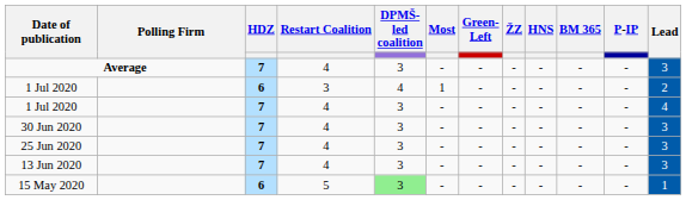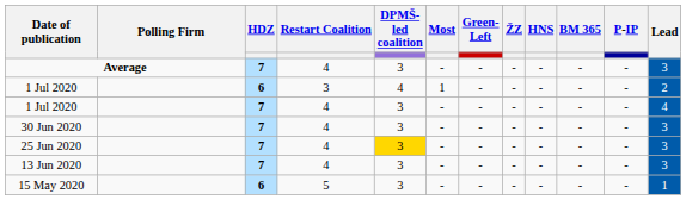 <table class="wikitable sortable" style="text-align:center; font-size:90%; line-height:16px;">
 <tr style="height:42px;">
 <th style="width:100px;" rowspan="2">Date of publication</th>
 <th style="width:165px;" rowspan="2">Polling Firm</th>
 <th class="unsortable"><a href='#'>HDZ</a></th>
 <th class="unsortable"><a href='#'>Restart Coalition</a></th>
 <th class="unsortable"><a href='#'>DPMŠ-led coalition</a></th>
 <th class="unsortable"><a href='#'>Most</a></th>
 <th class="unsortable"><a href='#'>Green-Left</a></th>
 <th class="unsortable"><a href='#'>ŽZ</a></th>
 <th class="unsortable"><a href='#'>HNS</a></th>
 <th class="unsortable"><a href='#'>BM 365</a></th>
 <th class="unsortable"><a href='#'>P</a>-<a href='#'>IP</a></th>
 <th class="unsortable" style="width:20px;" rowspan="2">Lead</th>
 </tr>
 <tr>
 <th class="unsortable" style="color:inherit;background:"></th>
 <th class="unsortable" style="color:inherit;background:"></th>
 <th class="unsortable" style="color:inherit;background:#9370db; width:45px;"></th>
 <th class="unsortable" style="color:inherit;background:"></th>
 <th class="unsortable" style="background:#cc0000" width="45px"></th>
 <th class="unsortable" style="color:inherit;background:"></th>
 <th class="unsortable" style="color:inherit;background:"></th>
 <th class="unsortable" style="color:inherit;background:"></th>
 <th class="unsortable" style="color:inherit;background:#00009a; width:45px;"></th>
 </tr>
 <tr>
 <td colspan="2"><strong>Average</strong></td>
 <td style="background:#B3E0FF"><strong>7</strong></td>
 <td>4</td>
 <td>3</td>
 <td>-</td>
 <td>-</td>
 <td>-</td>
 <td>-</td>
 <td>-</td>
 <td>-</td>
 <td style="background:#005BAA; color:white;">3</td>
 </tr>
 <tr>
 <td>1 Jul 2020</td>
 <td></td>
 <td style="background:#B3E0FF"><strong>6</strong></td>
 <td>3</td>
 <td>4</td>
 <td>1</td>
 <td>-</td>
 <td>-</td>
 <td>-</td>
 <td>-</td>
 <td>-</td>
 <td style="background:#005BAA; color:white;">2</td>
 </tr>
 <tr>
 <td>1 Jul 2020</td>
 <td></td>
 <td style="background:#B3E0FF"><strong>7</strong></td>
 <td>4</td>
 <td>3</td>
 <td>-</td>
 <td>-</td>
 <td>-</td>
 <td>-</td>
 <td>-</td>
 <td>-</td>
 <td style="background:#005BAA; color:white;">4</td>
 </tr>
 <tr>
 <td>30 Jun 2020</td>
 <td></td>
 <td style="background:#B3E0FF"><strong>7</strong></td>
 <td>4</td>
 <td>3</td>
 <td>-</td>
 <td>-</td>
 <td>-</td>
 <td>-</td>
 <td>-</td>
 <td>-</td>
 <td style="background:#005BAA; color:white;">3</td>
 </tr>
 <tr>
 <td>25 Jun 2020</td>
 <td></td>
 <td style="background:#B3E0FF"><strong>7</strong></td>
 <td>4</td>
-<td>3</td>
+<td style="background: gold;">3</td>
 <td>-</td>
 <td>-</td>
 <td>-</td>
 <td>-</td>
 <td>-</td>
 <td>-</td>
 <td style="background:#005BAA; color:white;">3</td>
 </tr>
 <tr>
 <td>13 Jun 2020</td>
 <td></td>
 <td style="background:#B3E0FF"><strong>7</strong></td>
 <td>4</td>
 <td>3</td>
 <td>-</td>
 <td>-</td>
 <td>-</td>
 <td>-</td>
 <td>-</td>
 <td>-</td>
 <td style="background:#005BAA; color:white;">3</td>
 </tr>
 <tr>
 <td>15 May 2020</td>
 <td></td>
 <td style="background:#B3E0FF"><strong>6</strong></td>
 <td>5</td>
-<td style="background: lightgreen;">3</td>
+<td>3</td>
 <td>-</td>
 <td>-</td>
 <td>-</td>
 <td>-</td>
 <td>-</td>
 <td>-</td>
 <td style="background:#005BAA; color:white;">1</td>
 </tr>
 </table>
